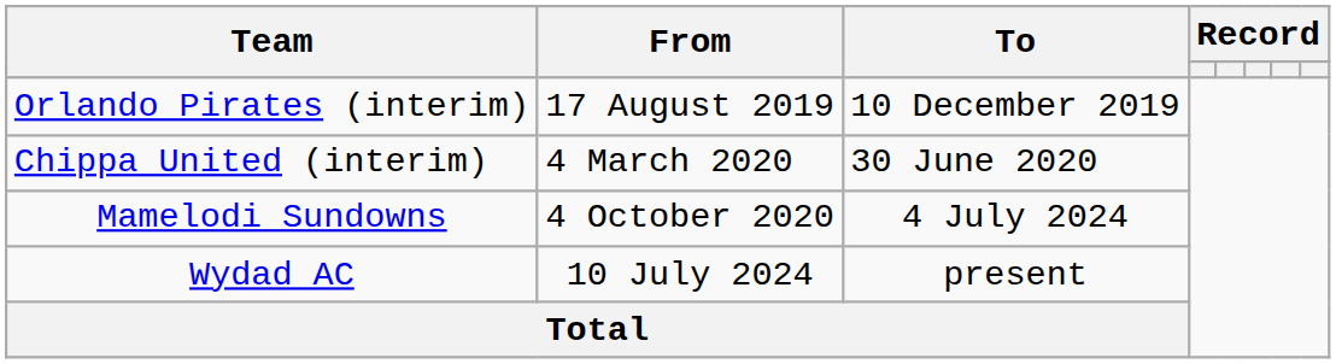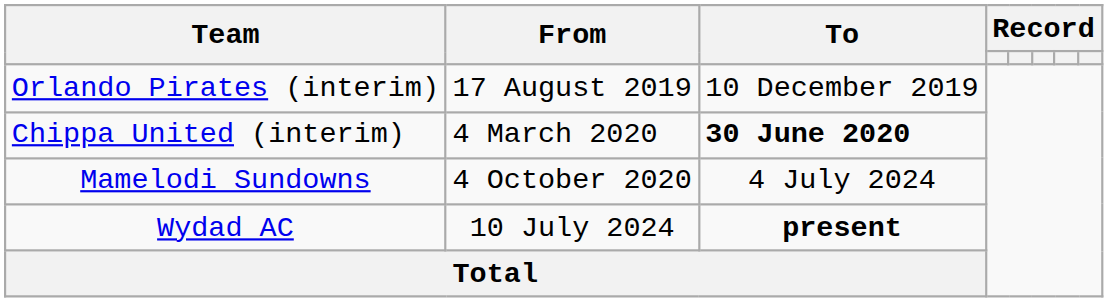 <table class=wikitable style=text-align:center>
 <tr>
 <th rowspan=2>Team</th>
 <th rowspan=2>From</th>
 <th rowspan=2>To</th>
 <th colspan=5>Record</th>
 </tr>
 <tr>
 <th></th>
 <th></th>
 <th></th>
 <th></th>
 <th></th>
 </tr>
 <tr>
 <td align=left><a href='#'>Orlando Pirates</a> (interim)</td>
 <td align=left>17 August 2019</td>
 <td align=left>10 December 2019<br></td>
 </tr>
 <tr>
 <td align=left><a href='#'>Chippa United</a> (interim)</td>
 <td align=left>4 March 2020</td>
-<td align=left>30 June 2020<br></td>
+<td align=left><strong>30 June 2020<br></strong></td>
 </tr>
 <tr>
 <td><a href='#'>Mamelodi Sundowns</a></td>
 <td>4 October 2020</td>
 <td>4 July 2024<br></td>
 </tr>
 <tr>
 <td align=centre><a href='#'>Wydad AC</a></td>
 <td align=centre>10 July 2024</td>
-<td align=centre>present<br></td>
+<td align=centre><strong>present<br></strong></td>
 </tr>
 <tr>
 <th colspan=3>Total<br></th>
 </tr>
 </table>
